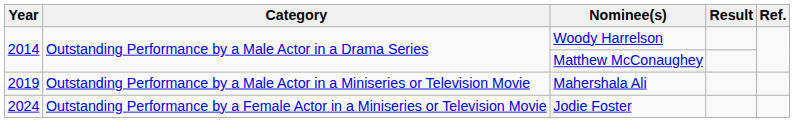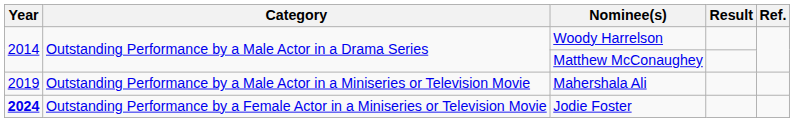 <table class="wikitable plainrowheaders">
 <tr>
 <th>Year</th>
 <th>Category</th>
 <th>Nominee(s)</th>
 <th>Result</th>
 <th>Ref.</th>
 </tr>
 <tr>
 <td rowspan="2"><a href='#'>2014</a></td>
 <td rowspan="2"><a href='#'>Outstanding Performance by a Male Actor in a Drama Series</a></td>
 <td><a href='#'>Woody Harrelson</a></td>
 <td></td>
 <td align="center" rowspan="2"> <br> </td>
 </tr>
 <tr>
 <td><a href='#'>Matthew McConaughey</a></td>
 <td></td>
 </tr>
 <tr>
 <td><a href='#'>2019</a></td>
 <td><a href='#'>Outstanding Performance by a Male Actor in a Miniseries or Television Movie</a></td>
 <td><a href='#'>Mahershala Ali</a></td>
 <td></td>
 <td align="center"></td>
 </tr>
 <tr>
-<td><a href='#'>2024</a></td>
+<td><strong><a href='#'>2024</a></strong></td>
 <td><a href='#'>Outstanding Performance by a Female Actor in a Miniseries or Television Movie</a></td>
 <td><a href='#'>Jodie Foster</a></td>
 <td></td>
 <td align="center"></td>
 </tr>
 </table>
